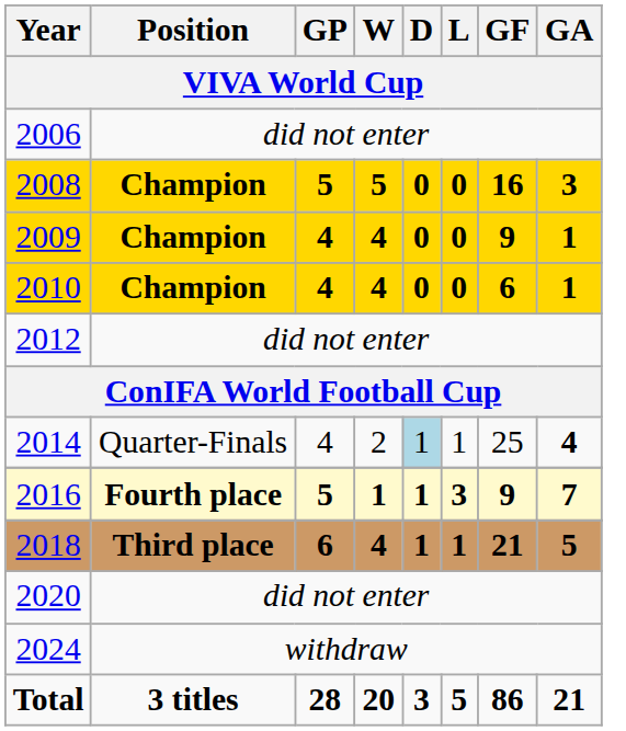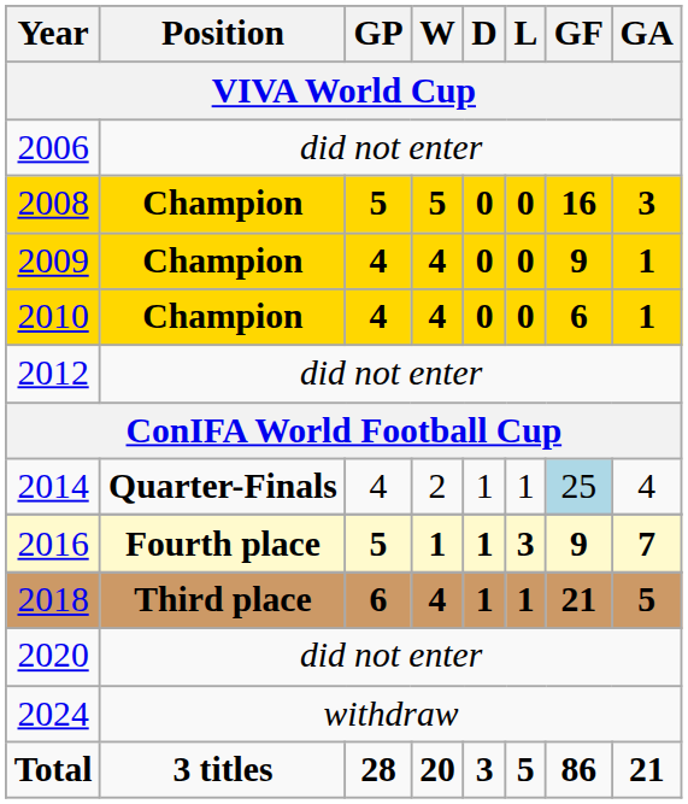 <table class="wikitable" style="text-align: center;">
 <tr>
 <th>Year</th>
 <th>Position</th>
 <th>GP</th>
 <th>W</th>
 <th>D</th>
 <th>L</th>
 <th>GF</th>
 <th>GA</th>
 </tr>
 <tr>
 <th colspan=8><a href='#'>VIVA World Cup</a></th>
 </tr>
 <tr>
 <td> <a href='#'>2006</a></td>
 <td colspan=7><em>did not enter</em></td>
 </tr>
 <tr style="background:gold;">
 <td> <a href='#'>2008</a></td>
 <td><strong>Champion</strong></td>
 <td><strong>5</strong></td>
 <td><strong>5</strong></td>
 <td><strong>0</strong></td>
 <td><strong>0</strong></td>
 <td><strong>16</strong></td>
 <td><strong>3</strong></td>
 </tr>
 <tr style="background:gold;">
 <td> <a href='#'>2009</a></td>
 <td><strong>Champion</strong></td>
 <td><strong>4</strong></td>
 <td><strong>4</strong></td>
 <td><strong>0</strong></td>
 <td><strong>0</strong></td>
 <td><strong>9</strong></td>
 <td><strong>1</strong></td>
 </tr>
 <tr style="background:gold;">
 <td> <a href='#'>2010</a></td>
 <td><strong>Champion</strong></td>
 <td><strong>4</strong></td>
 <td><strong>4</strong></td>
 <td><strong>0</strong></td>
 <td><strong>0</strong></td>
 <td><strong>6</strong></td>
 <td><strong>1</strong></td>
 </tr>
 <tr>
 <td> <a href='#'>2012</a></td>
 <td colspan=7><em>did not enter</em></td>
 </tr>
 <tr>
 <th colspan=8><a href='#'>ConIFA World Football Cup</a></th>
 </tr>
 <tr>
 <td> <a href='#'>2014</a></td>
-<td>Quarter-Finals</td>
+<td><strong>Quarter-Finals</strong></td>
 <td>4</td>
 <td>2</td>
-<td style="background: lightblue;">1</td>
 <td>1</td>
-<td>25</td>
-<td><strong>4</strong></td>
+<td>1</td>
+<td style="background: lightblue;">25</td>
+<td>4</td>
 </tr>
 <tr>
 </tr>
 <tr style="background:LemonChiffon;">
 <td> <a href='#'>2016</a></td>
 <td><strong>Fourth place</strong></td>
 <td><strong>5</strong></td>
 <td><strong>1</strong></td>
 <td><strong>1</strong></td>
 <td><strong>3</strong></td>
 <td><strong>9</strong></td>
 <td><strong>7</strong></td>
 </tr>
 <tr>
 </tr>
 <tr bgcolor=cc9966>
 <td> <a href='#'>2018</a></td>
 <td><strong>Third place</strong></td>
 <td><strong>6</strong></td>
 <td><strong>4</strong></td>
 <td><strong>1</strong></td>
 <td><strong>1</strong></td>
 <td><strong>21</strong></td>
 <td><strong>5</strong></td>
 </tr>
 <tr>
 <td> <a href='#'>2020</a></td>
 <td colspan=7><em>did not enter</em></td>
 </tr>
 <tr>
 <td> <a href='#'>2024</a></td>
 <td colspan="7"><em>withdraw</em></td>
 </tr>
 <tr>
 <td><strong>Total</strong></td>
 <td><strong>3 titles</strong></td>
 <td><strong>28</strong></td>
 <td><strong>20</strong></td>
 <td><strong>3</strong></td>
 <td><strong>5</strong></td>
 <td><strong>86</strong></td>
 <td><strong>21</strong></td>
 </tr>
 </table>
